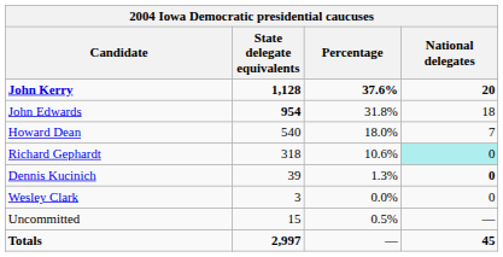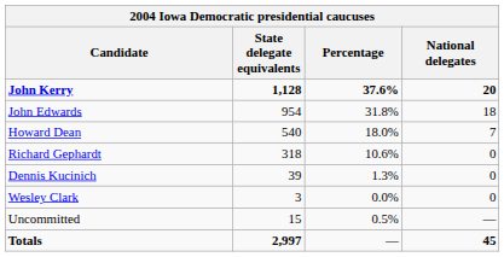 <table class="wikitable" style="font-size:95%;">
 <tr>
 <th colspan="4">2004 Iowa Democratic presidential caucuses</th>
 </tr>
 <tr>
 <th style="width: 17em">Candidate</th>
 <th style="width: 5em">State delegate equivalents</th>
 <th style="width: 7em">Percentage</th>
 <th style="width: 7em">National delegates</th>
 </tr>
 <tr>
 <td><strong><a href='#'>John Kerry</a></strong></td>
 <td align="right"><strong>1,128</strong></td>
 <td align="right"><strong>37.6%</strong></td>
 <td align="right"><strong>20</strong></td>
 </tr>
 <tr>
 <td><a href='#'>John Edwards</a></td>
-<td align="right"><strong>954</strong></td>
+<td align="right">954</td>
 <td align="right">31.8%</td>
 <td align="right">18</td>
 </tr>
 <tr>
 <td><a href='#'>Howard Dean</a></td>
 <td align="right">540</td>
 <td align="right">18.0%</td>
 <td align="right">7</td>
 </tr>
 <tr>
 <td><a href='#'>Richard Gephardt</a></td>
 <td align="right">318</td>
 <td align="right">10.6%</td>
-<td align="right" style="background: paleturquoise;">0</td>
+<td align="right">0</td>
 </tr>
 <tr>
 <td><a href='#'>Dennis Kucinich</a></td>
 <td align="right">39</td>
 <td align="right">1.3%</td>
-<td align="right"><strong>0</strong></td>
+<td align="right">0</td>
 </tr>
 <tr>
 <td><a href='#'>Wesley Clark</a></td>
 <td align="right">3</td>
 <td align="right">0.0%</td>
 <td align="right">0</td>
 </tr>
 <tr>
 <td>Uncommitted</td>
 <td align="right">15</td>
 <td align="right">0.5%</td>
 <td align="right">—</td>
 </tr>
 <tr>
 <td><strong>Totals</strong></td>
 <td align="right"><strong>2,997</strong></td>
 <td align="right">—</td>
 <td align="right"><strong>45</strong></td>
 </tr>
 </table>
